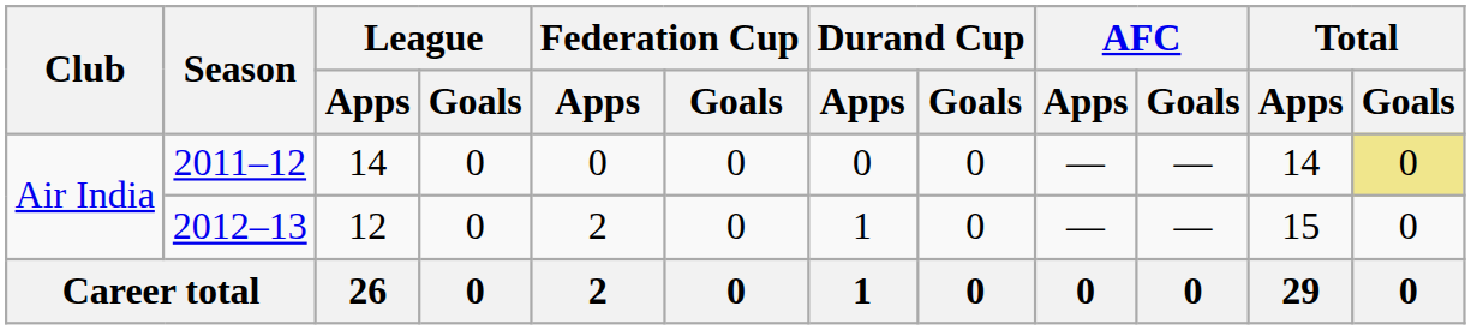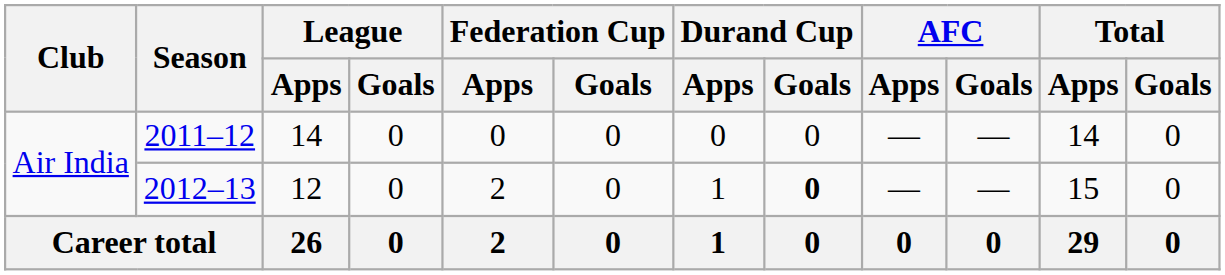 <table class="wikitable" style="font-size:90%; text-align:center;">
 <tr>
 <th rowspan=2>Club</th>
 <th rowspan=2>Season</th>
 <th colspan=2>League</th>
 <th colspan=2>Federation Cup</th>
 <th colspan=2>Durand Cup</th>
 <th colspan=2><a href='#'>AFC</a></th>
 <th colspan=2>Total</th>
 </tr>
 <tr>
 <th>Apps</th>
 <th>Goals</th>
 <th>Apps</th>
 <th>Goals</th>
 <th>Apps</th>
 <th>Goals</th>
 <th>Apps</th>
 <th>Goals</th>
 <th>Apps</th>
 <th>Goals</th>
 </tr>
 <tr>
 <td rowspan=2><a href='#'>Air India</a></td>
 <td><a href='#'>2011–12</a></td>
 <td>14</td>
 <td>0</td>
 <td>0</td>
 <td>0</td>
 <td>0</td>
 <td>0</td>
 <td>—</td>
 <td>—</td>
 <td>14</td>
-<td style="background: khaki;">0</td>
+<td>0</td>
 </tr>
 <tr>
 <td><a href='#'>2012–13</a></td>
 <td>12</td>
 <td>0</td>
 <td>2</td>
 <td>0</td>
 <td>1</td>
-<td>0</td>
+<td><strong>0</strong></td>
 <td>—</td>
 <td>—</td>
 <td>15</td>
 <td>0</td>
 </tr>
 <tr>
 <th colspan=2>Career total</th>
 <th>26</th>
 <th>0</th>
 <th>2</th>
 <th>0</th>
 <th>1</th>
 <th>0</th>
 <th>0</th>
 <th>0</th>
 <th>29</th>
 <th>0</th>
 </tr>
 </table>
